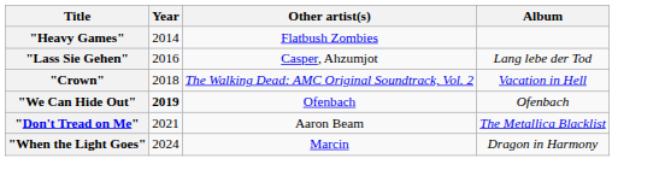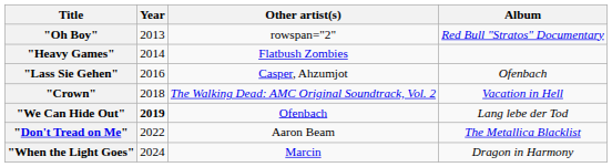 <table class="wikitable plainrowheaders" style="text-align:center;">
 <tr>
 <th scope="col">Title</th>
 <th scope="col">Year</th>
 <th scope="col">Other artist(s)</th>
 <th scope="col">Album</th>
+</tr>
+<tr>
+<th scope="row">"Oh Boy"</th>
+<td>2013</td>
+<td>rowspan="2" </td>
+<td><em><a href='#'>Red Bull "Stratos" Documentary</a></em></td>
 </tr>
 <tr>
 <th scope="row">"Heavy Games"</th>
 <td>2014</td>
 <td><a href='#'>Flatbush Zombies</a></td>
 </tr>
 <tr>
 <th scope="row">"Lass Sie Gehen"</th>
 <td>2016</td>
 <td><a href='#'>Casper</a>, Ahzumjot</td>
-<td><em>Lang lebe der Tod</em></td>
+<td><em>Ofenbach</em></td>
 </tr>
 <tr>
 <th scope="row">"Crown"</th>
 <td>2018</td>
 <td><em><a href='#'>The Walking Dead: AMC Original Soundtrack, Vol. 2</a></em></td>
 <td><em><a href='#'>Vacation in Hell</a></em></td>
 </tr>
 <tr>
 <th scope="row">"We Can Hide Out"</th>
 <td><strong>2019</strong></td>
 <td><a href='#'>Ofenbach</a></td>
-<td><em>Ofenbach</em></td>
+<td><em>Lang lebe der Tod</em></td>
 </tr>
 <tr>
 <th scope="row">"<a href='#'>Don't Tread on Me</a>"</th>
-<td>2021</td>
+<td>2022</td>
 <td>Aaron Beam</td>
 <td><em><a href='#'>The Metallica Blacklist</a></em></td>
 </tr>
 <tr>
 <th scope="row">"When the Light Goes"</th>
 <td>2024</td>
 <td><a href='#'>Marcin</a></td>
 <td><em>Dragon in Harmony</em></td>
 </tr>
 </table>
